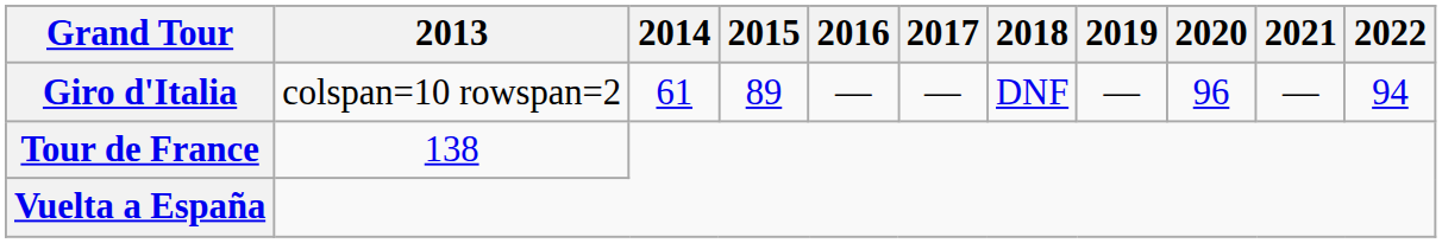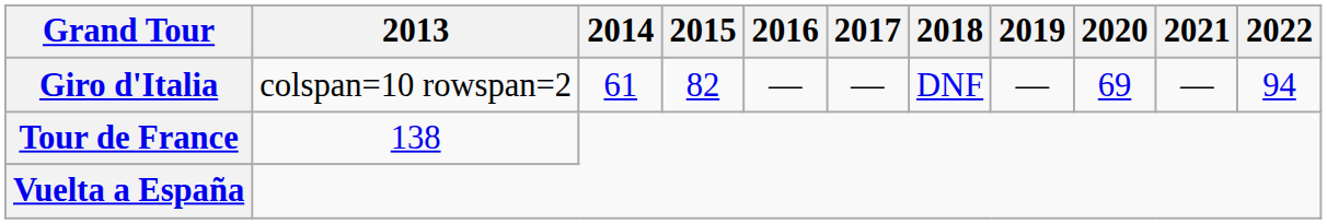 <table class="wikitable plainrowheaders">
 <tr>
 <th scope="col"><a href='#'>Grand Tour</a></th>
 <th scope="col">2013</th>
 <th scope="col">2014</th>
 <th scope="col">2015</th>
 <th scope="col">2016</th>
 <th scope="col">2017</th>
 <th scope="col">2018</th>
 <th scope="col">2019</th>
 <th scope="col">2020</th>
 <th scope="col">2021</th>
 <th scope="col">2022</th>
 </tr>
 <tr style="text-align:center;">
 <th scope="row"> <a href='#'>Giro d'Italia</a></th>
 <td>colspan=10 rowspan=2 </td>
 <td><a href='#'>61</a></td>
-<td><a href='#'>89</a></td>
+<td><a href='#'>82</a></td>
 <td>—</td>
 <td>—</td>
 <td><a href='#'>DNF</a></td>
 <td>—</td>
-<td><a href='#'>96</a></td>
+<td><a href='#'>69</a></td>
 <td>—</td>
 <td><a href='#'>94</a></td>
 </tr>
 <tr style="text-align:center;">
 <th scope="row"> <a href='#'>Tour de France</a></th>
 <td><a href='#'>138</a></td>
 </tr>
 <tr style="text-align:center;">
 <th scope="row"> <a href='#'>Vuelta a España</a></th>
 </tr>
 </table>
